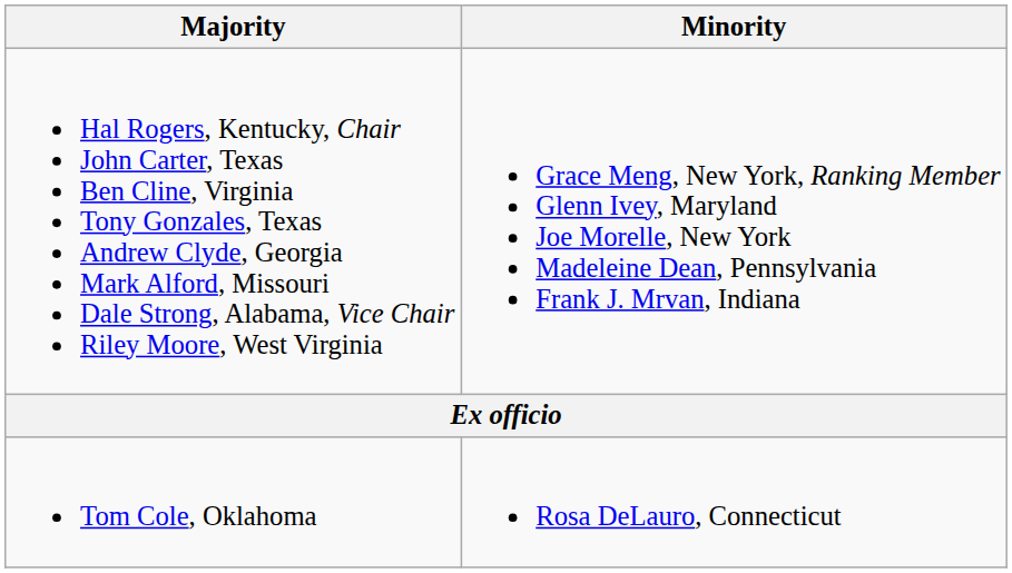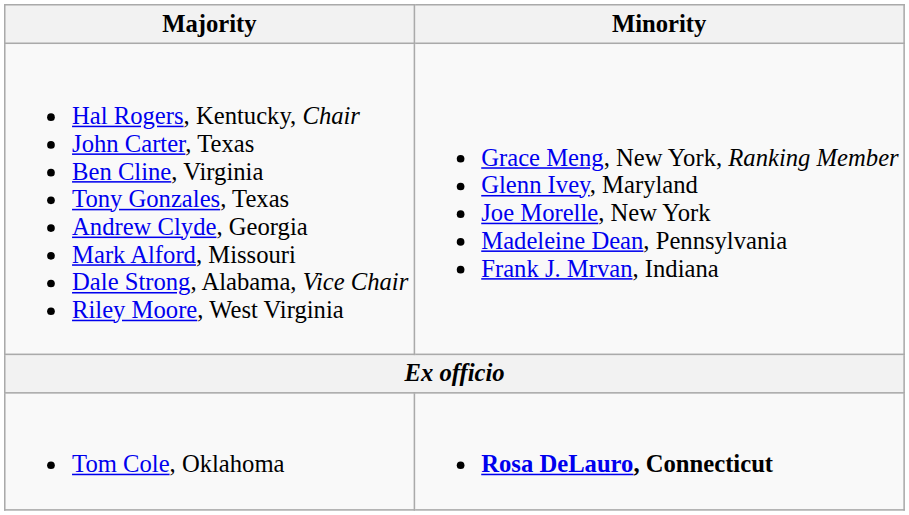 <table class=wikitable>
 <tr>
 <th>Majority</th>
 <th>Minority</th>
 </tr>
 <tr>
 <td><br><ul><li><a href='#'>Hal Rogers</a>, Kentucky, <em>Chair</em></li><li><a href='#'>John Carter</a>, Texas</li><li><a href='#'>Ben Cline</a>, Virginia</li><li><a href='#'>Tony Gonzales</a>, Texas</li><li><a href='#'>Andrew Clyde</a>, Georgia</li><li><a href='#'>Mark Alford</a>, Missouri</li><li><a href='#'>Dale Strong</a>, Alabama, <em>Vice Chair</em></li><li><a href='#'>Riley Moore</a>, West Virginia</li></ul></td>
 <td><br><ul><li><a href='#'>Grace Meng</a>, New York, <em>Ranking Member</em></li><li><a href='#'>Glenn Ivey</a>, Maryland</li><li><a href='#'>Joe Morelle</a>, New York</li><li><a href='#'>Madeleine Dean</a>, Pennsylvania</li><li><a href='#'>Frank J. Mrvan</a>, Indiana</li></ul></td>
 </tr>
 <tr>
 <th colspan=2><em>Ex officio</em></th>
 </tr>
 <tr>
 <td><br><ul><li><a href='#'>Tom Cole</a>, Oklahoma</li></ul></td>
-<td><br><ul><li><a href='#'>Rosa DeLauro</a>, Connecticut</li></ul></td>
+<td><strong><br><ul><li><a href='#'>Rosa DeLauro</a>, Connecticut</li></ul></strong></td>
 </tr>
 </table>
